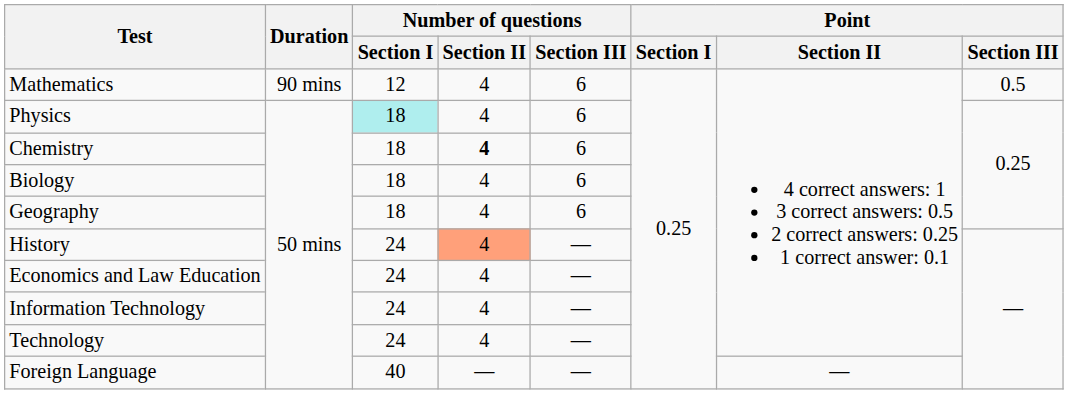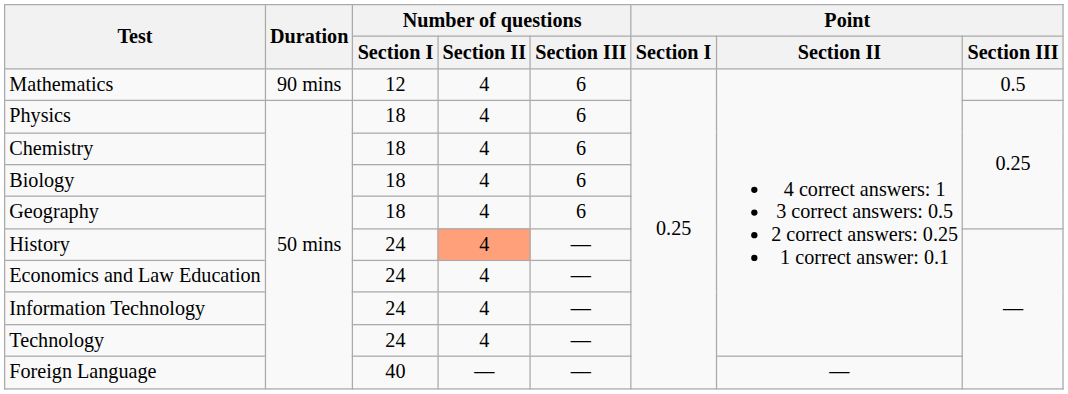 <table class="wikitable">
 <tr>
 <th rowspan="2">Test</th>
 <th rowspan="2">Duration</th>
 <th colspan="3">Number of questions</th>
 <th colspan="3">Point</th>
 </tr>
 <tr>
 <th>Section I</th>
 <th>Section II</th>
 <th>Section III</th>
 <th>Section I</th>
 <th>Section II</th>
 <th>Section III</th>
 </tr>
 <tr>
 <td>Mathematics</td>
 <td align="center">90 mins</td>
 <td align="center">12</td>
 <td align="center">4</td>
 <td align="center">6</td>
 <td rowspan="10" align="center">0.25</td>
 <td rowspan="9" align="center"><br><ul><li>4 correct answers: 1</li><li>3 correct answers: 0.5</li><li>2 correct answers: 0.25</li><li>1 correct answer: 0.1</li></ul></td>
 <td align="center">0.5</td>
 </tr>
 <tr>
 <td>Physics</td>
 <td rowspan="9" align="center">50 mins</td>
-<td align="center" style="background: paleturquoise;">18</td>
+<td align="center">18</td>
 <td align="center">4</td>
 <td align="center">6</td>
 <td rowspan="4" align="center">0.25</td>
 </tr>
 <tr>
 <td>Chemistry</td>
 <td align="center">18</td>
-<td align="center"><strong>4</strong></td>
+<td align="center">4</td>
 <td align="center">6</td>
 </tr>
 <tr>
 <td>Biology</td>
 <td align="center">18</td>
 <td align="center">4</td>
 <td align="center">6</td>
 </tr>
 <tr>
 <td>Geography</td>
 <td align="center">18</td>
 <td align="center">4</td>
 <td align="center">6</td>
 </tr>
 <tr>
 <td>History</td>
 <td align="center">24</td>
 <td align="center" style="background: lightsalmon;">4</td>
 <td align="center">—</td>
 <td rowspan="5" align="center">—</td>
 </tr>
 <tr>
 <td>Economics and Law Education</td>
 <td align="center">24</td>
 <td align="center">4</td>
 <td align="center">—</td>
 </tr>
 <tr>
 <td>Information Technology</td>
 <td align="center">24</td>
 <td align="center">4</td>
 <td align="center">—</td>
 </tr>
 <tr>
 <td>Technology</td>
 <td align="center">24</td>
 <td align="center">4</td>
 <td align="center">—</td>
 </tr>
 <tr>
 <td>Foreign Language</td>
 <td align="center">40</td>
 <td align="center">—</td>
 <td align="center">—</td>
 <td align="center">—</td>
 </tr>
 </table>
